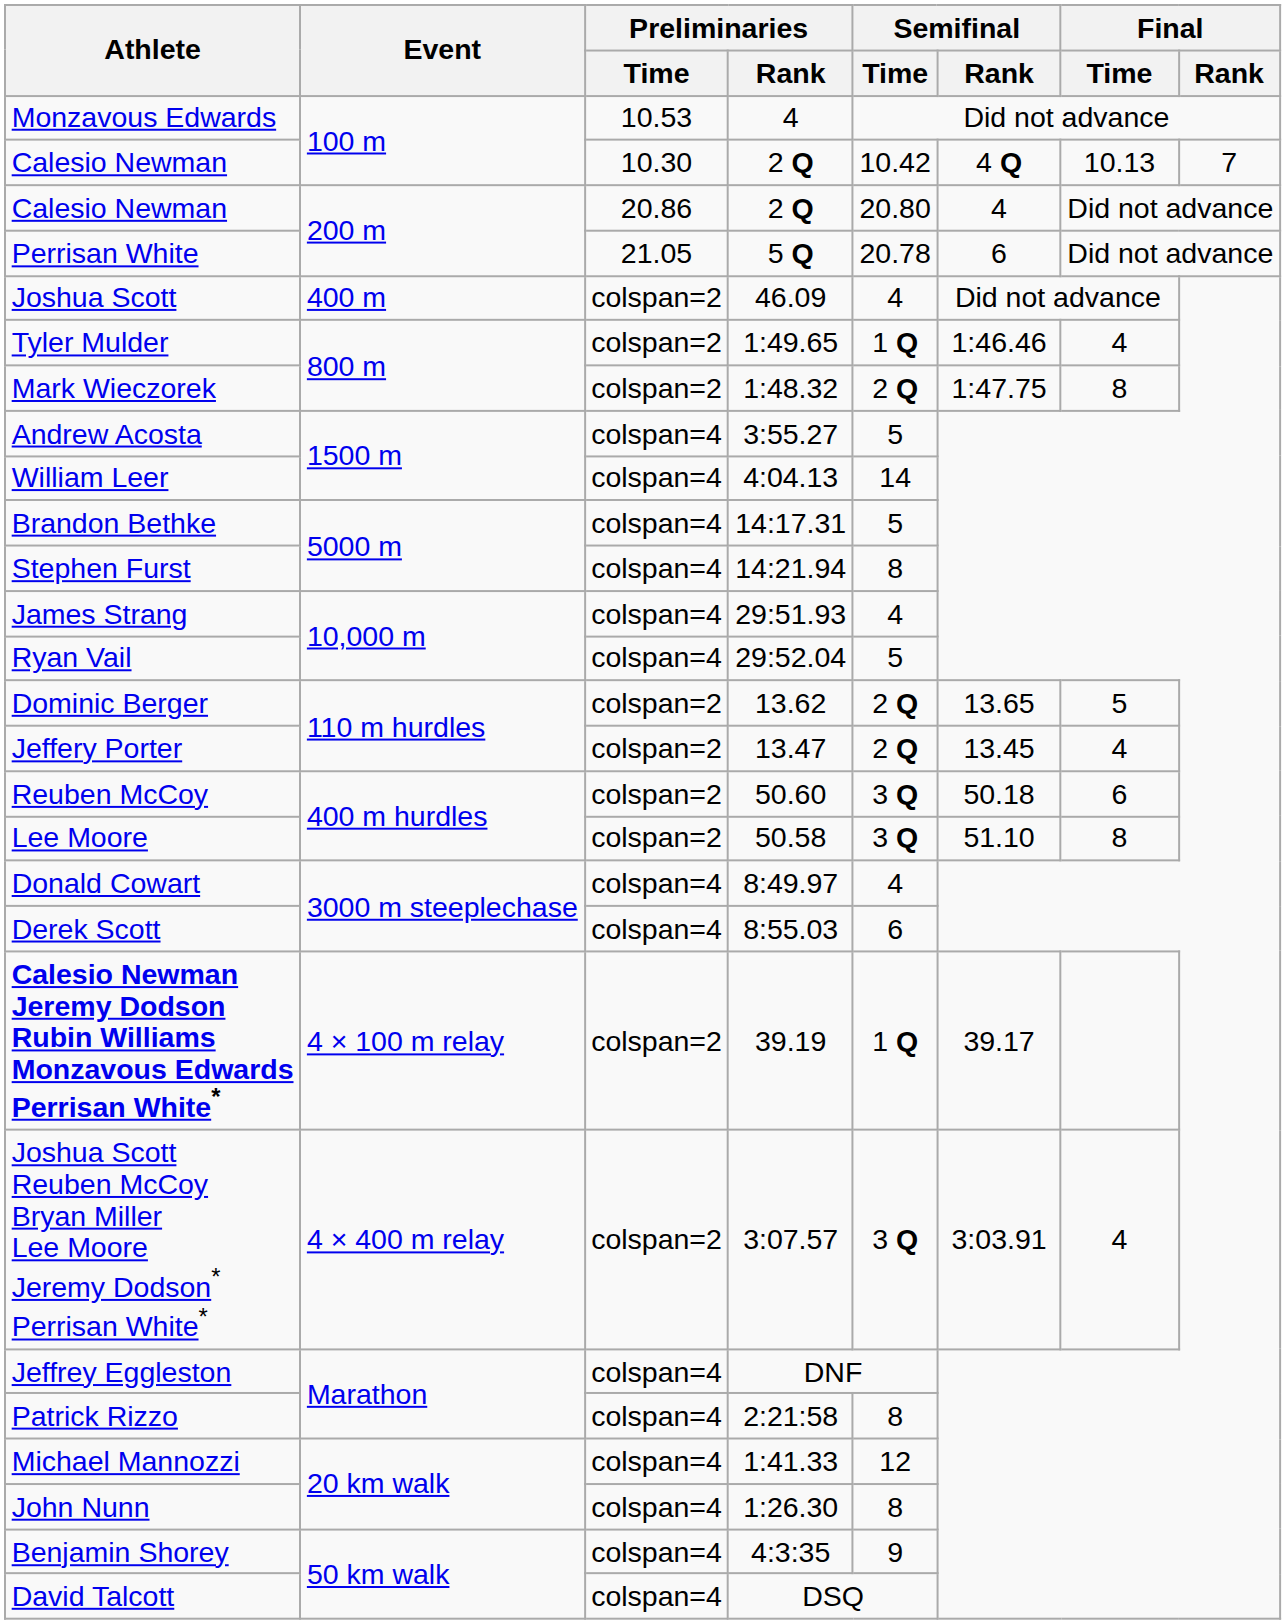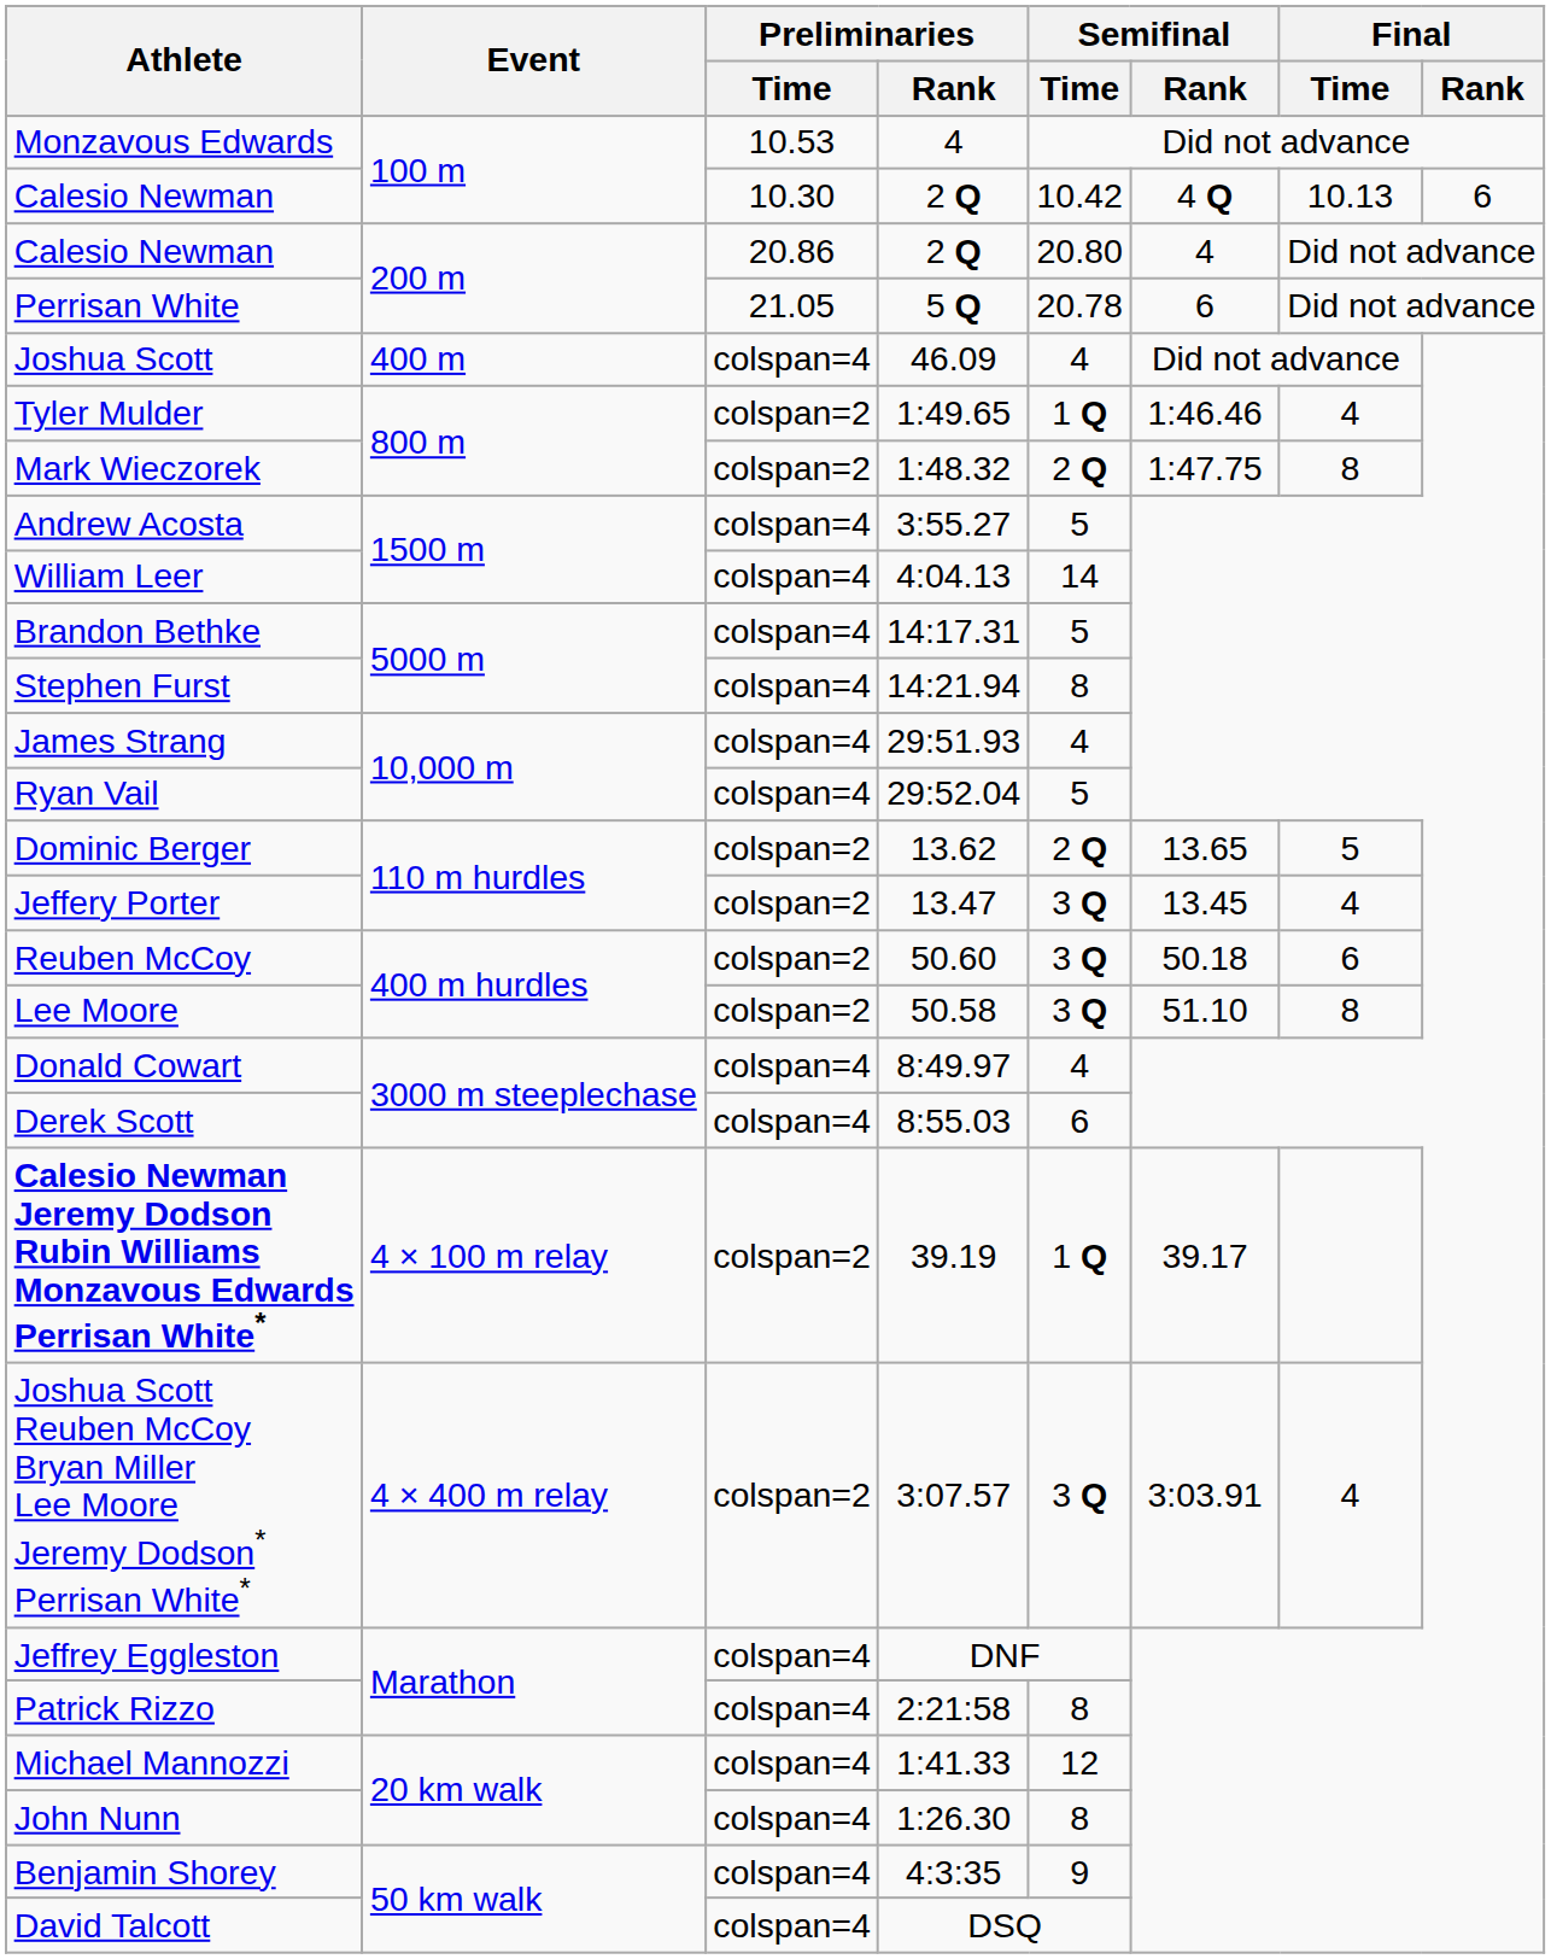 <table class="wikitable" style="font-size:90%">
 <tr>
 <th rowspan=2>Athlete</th>
 <th rowspan=2>Event</th>
 <th colspan=2>Preliminaries</th>
 <th colspan=2>Semifinal</th>
 <th colspan=2>Final</th>
 </tr>
 <tr>
 <th>Time</th>
 <th>Rank</th>
 <th>Time</th>
 <th>Rank</th>
 <th>Time</th>
 <th>Rank</th>
 </tr>
 <tr align=center>
 <td align=left><a href='#'>Monzavous Edwards</a></td>
 <td align=left rowspan=2><a href='#'>100 m</a></td>
 <td>10.53</td>
 <td>4</td>
 <td colspan=4>Did not advance</td>
 </tr>
 <tr align=center>
 <td align=left><a href='#'>Calesio Newman</a></td>
 <td>10.30</td>
 <td>2 <strong>Q</strong></td>
 <td>10.42</td>
 <td>4 <strong>Q</strong></td>
 <td>10.13</td>
-<td>7</td>
+<td>6</td>
 </tr>
 <tr align=center>
 <td align=left><a href='#'>Calesio Newman</a></td>
 <td align=left rowspan=2><a href='#'>200 m</a></td>
 <td>20.86</td>
 <td>2 <strong>Q</strong></td>
 <td>20.80</td>
 <td>4</td>
 <td colspan=2>Did not advance</td>
 </tr>
 <tr align=center>
 <td align=left><a href='#'>Perrisan White</a></td>
 <td>21.05</td>
 <td>5 <strong>Q</strong></td>
 <td>20.78</td>
 <td>6</td>
 <td colspan=2>Did not advance</td>
 </tr>
 <tr align=center>
 <td align=left><a href='#'>Joshua Scott</a></td>
 <td align=left><a href='#'>400 m</a></td>
-<td>colspan=2 </td>
+<td>colspan=4 </td>
 <td>46.09</td>
 <td>4</td>
 <td colspan=2>Did not advance</td>
 </tr>
 <tr align=center>
 <td align=left><a href='#'>Tyler Mulder</a></td>
 <td align=left rowspan=2><a href='#'>800 m</a></td>
 <td>colspan=2 </td>
 <td>1:49.65</td>
 <td>1 <strong>Q</strong></td>
 <td>1:46.46</td>
 <td>4</td>
 </tr>
 <tr align=center>
 <td align=left><a href='#'>Mark Wieczorek</a></td>
 <td>colspan=2 </td>
 <td>1:48.32</td>
 <td>2 <strong>Q</strong></td>
 <td>1:47.75</td>
 <td>8</td>
 </tr>
 <tr align=center>
 <td align=left><a href='#'>Andrew Acosta</a></td>
 <td align=left rowspan=2><a href='#'>1500 m</a></td>
 <td>colspan=4 </td>
 <td>3:55.27</td>
 <td>5</td>
 </tr>
 <tr align=center>
 <td align=left><a href='#'>William Leer</a></td>
 <td>colspan=4 </td>
 <td>4:04.13</td>
 <td>14</td>
 </tr>
 <tr align=center>
 <td align=left><a href='#'>Brandon Bethke</a></td>
 <td align=left rowspan=2><a href='#'>5000 m</a></td>
 <td>colspan=4 </td>
 <td>14:17.31</td>
 <td>5</td>
 </tr>
 <tr align=center>
 <td align=left><a href='#'>Stephen Furst</a></td>
 <td>colspan=4 </td>
 <td>14:21.94</td>
 <td>8</td>
 </tr>
 <tr align=center>
 <td align=left><a href='#'>James Strang</a></td>
 <td align=left rowspan=2><a href='#'>10,000 m</a></td>
 <td>colspan=4 </td>
 <td>29:51.93</td>
 <td>4</td>
 </tr>
 <tr align=center>
 <td align=left><a href='#'>Ryan Vail</a></td>
 <td>colspan=4 </td>
 <td>29:52.04</td>
 <td>5</td>
 </tr>
 <tr align=center>
 <td align=left><a href='#'>Dominic Berger</a></td>
 <td align=left rowspan=2><a href='#'>110 m hurdles</a></td>
 <td>colspan=2 </td>
 <td>13.62</td>
 <td>2 <strong>Q</strong></td>
 <td>13.65</td>
 <td>5</td>
 </tr>
 <tr align=center>
 <td align=left><a href='#'>Jeffery Porter</a></td>
 <td>colspan=2 </td>
 <td>13.47</td>
-<td>2 <strong>Q</strong></td>
+<td>3 <strong>Q</strong></td>
 <td>13.45</td>
 <td>4</td>
 </tr>
 <tr align=center>
 <td align=left><a href='#'>Reuben McCoy</a></td>
 <td align=left rowspan=2><a href='#'>400 m hurdles</a></td>
 <td>colspan=2 </td>
 <td>50.60</td>
 <td>3 <strong>Q</strong></td>
 <td>50.18</td>
 <td>6</td>
 </tr>
 <tr align=center>
 <td align=left><a href='#'>Lee Moore</a></td>
 <td>colspan=2 </td>
 <td>50.58</td>
 <td>3 <strong>Q</strong></td>
 <td>51.10</td>
 <td>8</td>
 </tr>
 <tr align=center>
 <td align=left><a href='#'>Donald Cowart</a></td>
 <td align=left rowspan=2><a href='#'>3000 m steeplechase</a></td>
 <td>colspan=4 </td>
 <td>8:49.97</td>
 <td>4</td>
 </tr>
 <tr align=center>
 <td align=left><a href='#'>Derek Scott</a></td>
 <td>colspan=4 </td>
 <td>8:55.03</td>
 <td>6</td>
 </tr>
 <tr align=center>
 <td align=left><strong><a href='#'>Calesio Newman</a><br><a href='#'>Jeremy Dodson</a><br><a href='#'>Rubin Williams</a><br><a href='#'>Monzavous Edwards</a><br><a href='#'>Perrisan White</a><sup>*</sup></strong></td>
 <td align=left><a href='#'>4 × 100 m relay</a></td>
 <td>colspan=2 </td>
 <td>39.19</td>
 <td>1 <strong>Q</strong></td>
 <td>39.17</td>
 <td></td>
 </tr>
 <tr align=center>
 <td align=left><a href='#'>Joshua Scott</a><br><a href='#'>Reuben McCoy</a><br><a href='#'>Bryan Miller</a><br><a href='#'>Lee Moore</a><br><a href='#'>Jeremy Dodson</a><sup>*</sup><br><a href='#'>Perrisan White</a><sup>*</sup></td>
 <td align=left><a href='#'>4 × 400 m relay</a></td>
 <td>colspan=2 </td>
 <td>3:07.57</td>
 <td>3 <strong>Q</strong></td>
 <td>3:03.91</td>
 <td>4</td>
 </tr>
 <tr align=center>
 <td align=left><a href='#'>Jeffrey Eggleston</a></td>
 <td align=left rowspan=2><a href='#'>Marathon</a></td>
 <td>colspan=4 </td>
 <td colspan=2>DNF</td>
 </tr>
 <tr align=center>
 <td align=left><a href='#'>Patrick Rizzo</a></td>
 <td>colspan=4 </td>
 <td>2:21:58</td>
 <td>8</td>
 </tr>
 <tr align=center>
 <td align=left><a href='#'>Michael Mannozzi</a></td>
 <td align=left rowspan=2><a href='#'>20 km walk</a></td>
 <td>colspan=4 </td>
 <td>1:41.33</td>
 <td>12</td>
 </tr>
 <tr align=center>
 <td align=left><a href='#'>John Nunn</a></td>
 <td>colspan=4 </td>
 <td>1:26.30</td>
 <td>8</td>
 </tr>
 <tr align=center>
 <td align=left><a href='#'>Benjamin Shorey</a></td>
 <td align=left rowspan=2><a href='#'>50 km walk</a></td>
 <td>colspan=4 </td>
 <td>4:3:35</td>
 <td>9</td>
 </tr>
 <tr align=center>
 <td align=left><a href='#'>David Talcott</a></td>
 <td>colspan=4 </td>
 <td colspan=2>DSQ</td>
 </tr>
 </table>
